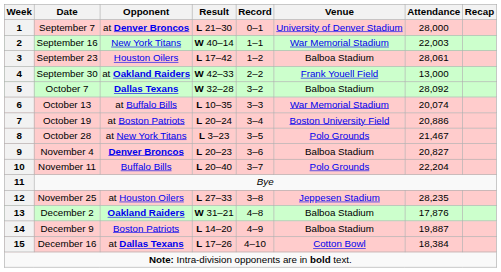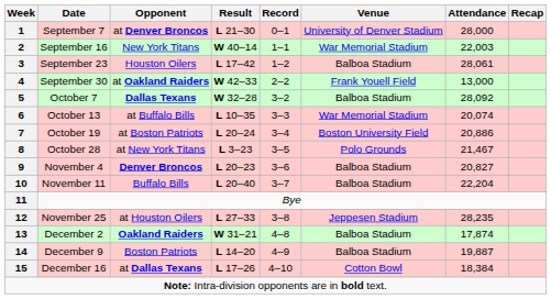 <table class="wikitable" style="text-align:center">
 <tr>
 <th>Week</th>
 <th>Date</th>
 <th>Opponent</th>
 <th>Result</th>
 <th>Record</th>
 <th>Venue</th>
 <th>Attendance</th>
 <th>Recap</th>
 </tr>
 <tr style="background: #fcc;">
 <th>1</th>
 <td>September 7</td>
 <td>at <strong><a href='#'>Denver Broncos</a></strong></td>
 <td><strong>L</strong> 21–30</td>
 <td>0–1</td>
 <td><a href='#'>University of Denver Stadium</a></td>
 <td>28,000</td>
 <td></td>
 </tr>
 <tr style="background: #cfc;">
 <th>2</th>
 <td>September 16</td>
 <td><a href='#'>New York Titans</a></td>
 <td><strong>W</strong> 40–14</td>
 <td>1–1</td>
 <td><a href='#'>War Memorial Stadium</a></td>
 <td>22,003</td>
 <td></td>
 </tr>
 <tr style="background: #fcc;">
 <th>3</th>
 <td>September 23</td>
 <td><a href='#'>Houston Oilers</a></td>
 <td><strong>L</strong> 17–42</td>
 <td>1–2</td>
 <td>Balboa Stadium</td>
 <td>28,061</td>
 <td></td>
 </tr>
 <tr style="background: #cfc;">
 <th>4</th>
 <td>September 30</td>
 <td>at <strong><a href='#'>Oakland Raiders</a></strong></td>
 <td><strong>W</strong> 42–33</td>
 <td>2–2</td>
 <td><a href='#'>Frank Youell Field</a></td>
 <td>13,000</td>
 <td></td>
 </tr>
 <tr style="background: #cfc;">
 <th>5</th>
 <td>October 7</td>
 <td><strong><a href='#'>Dallas Texans</a></strong></td>
 <td><strong>W</strong> 32–28</td>
 <td>3–2</td>
 <td>Balboa Stadium</td>
 <td>28,092</td>
 <td></td>
 </tr>
 <tr style="background: #fcc;">
 <th>6</th>
 <td>October 13</td>
 <td>at <a href='#'>Buffalo Bills</a></td>
 <td><strong>L</strong> 10–35</td>
 <td>3–3</td>
 <td><a href='#'>War Memorial Stadium</a></td>
 <td>20,074</td>
 <td></td>
 </tr>
 <tr style="background: #fcc;">
 <th>7</th>
 <td>October 19</td>
 <td>at <a href='#'>Boston Patriots</a></td>
 <td><strong>L</strong> 20–24</td>
 <td>3–4</td>
 <td><a href='#'>Boston University Field</a></td>
 <td>20,886</td>
 <td></td>
 </tr>
 <tr style="background: #fcc;">
 <th>8</th>
 <td>October 28</td>
 <td>at <a href='#'>New York Titans</a></td>
 <td><strong>L</strong> 3–23</td>
 <td>3–5</td>
 <td><a href='#'>Polo Grounds</a></td>
 <td>21,467</td>
 <td></td>
 </tr>
 <tr style="background: #fcc;">
 <th>9</th>
 <td>November 4</td>
 <td><strong><a href='#'>Denver Broncos</a></strong></td>
 <td><strong>L</strong> 20–23</td>
 <td>3–6</td>
 <td>Balboa Stadium</td>
 <td>20,827</td>
 <td></td>
 </tr>
 <tr style="background: #fcc;">
 <th>10</th>
 <td>November 11</td>
 <td><a href='#'>Buffalo Bills</a></td>
 <td><strong>L</strong> 20–40</td>
 <td>3–7</td>
-<td><a href='#'>Polo Grounds</a></td>
+<td>Balboa Stadium</td>
 <td>22,204</td>
 <td></td>
 </tr>
 <tr>
 <th>11</th>
 <td align=center colspan=7><em>Bye</em></td>
 </tr>
 <tr style="background: #fcc;">
 <th>12</th>
 <td>November 25</td>
 <td>at <a href='#'>Houston Oilers</a></td>
 <td><strong>L</strong> 27–33</td>
 <td>3–8</td>
 <td><a href='#'>Jeppesen Stadium</a></td>
 <td>28,235</td>
 <td></td>
 </tr>
 <tr style="background: #cfc;">
 <th>13</th>
 <td>December 2</td>
 <td><strong><a href='#'>Oakland Raiders</a></strong></td>
 <td><strong>W</strong> 31–21</td>
 <td>4–8</td>
 <td>Balboa Stadium</td>
-<td>17,876</td>
+<td>17,874</td>
 <td></td>
 </tr>
 <tr style="background: #fcc;">
 <th>14</th>
 <td>December 9</td>
 <td><a href='#'>Boston Patriots</a></td>
 <td><strong>L</strong> 14–20</td>
 <td>4–9</td>
 <td>Balboa Stadium</td>
 <td>19,887</td>
 <td></td>
 </tr>
 <tr style="background: #fcc;">
 <th>15</th>
 <td>December 16</td>
 <td>at <strong><a href='#'>Dallas Texans</a></strong></td>
 <td><strong>L</strong> 17–26</td>
 <td>4–10</td>
 <td><a href='#'>Cotton Bowl</a></td>
 <td>18,384</td>
 <td></td>
 </tr>
 <tr>
 <td colspan="8"><strong>Note:</strong> Intra-division opponents are in <strong>bold</strong> text.</td>
 </tr>
 </table>
